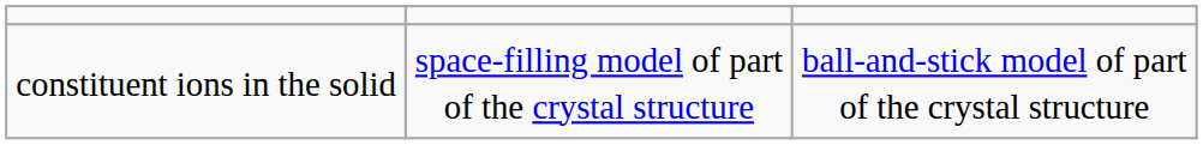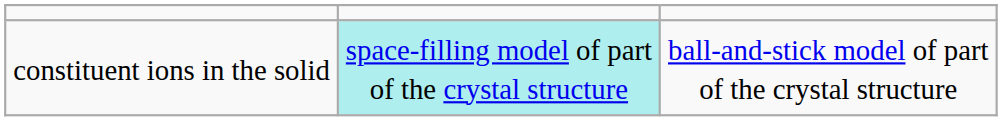 <table class="wikitable" style="margin:1em auto; text-align:center;">
 <tr>
 <td></td>
 <td></td>
 <td></td>
 </tr>
 <tr>
 <td><small>constituent ions in the solid</small></td>
-<td><small><a href='#'>space-filling model</a> of part<br>of the <a href='#'>crystal structure</a></small></td>
+<td style="background: paleturquoise;"><small><a href='#'>space-filling model</a> of part<br>of the <a href='#'>crystal structure</a></small></td>
 <td><small><a href='#'>ball-and-stick model</a> of part<br>of the crystal structure</small></td>
 </tr>
 </table>
